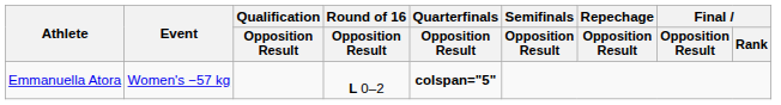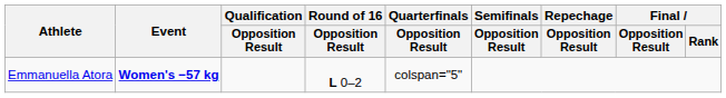 <table class=wikitable style=font-size:90%;text-align:center>
 <tr>
 <th rowspan=2>Athlete</th>
 <th rowspan=2>Event</th>
 <th>Qualification</th>
 <th>Round of 16</th>
 <th>Quarterfinals</th>
 <th>Semifinals</th>
 <th>Repechage</th>
 <th colspan=2>Final / </th>
 </tr>
 <tr style=font-size:95%>
 <th>Opposition<br>Result</th>
 <th>Opposition<br>Result</th>
 <th>Opposition<br>Result</th>
 <th>Opposition<br>Result</th>
 <th>Opposition<br>Result</th>
 <th>Opposition<br>Result</th>
 <th>Rank</th>
 </tr>
 <tr>
 <td align=left><a href='#'>Emmanuella Atora</a></td>
-<td align=left><a href='#'>Women's −57 kg</a></td>
+<td align=left><strong><a href='#'>Women's −57 kg</a></strong></td>
 <td></td>
 <td><br><strong>L</strong> 0–2</td>
-<td><strong>colspan="5" </strong></td>
+<td>colspan="5" </td>
 </tr>
 </table>
